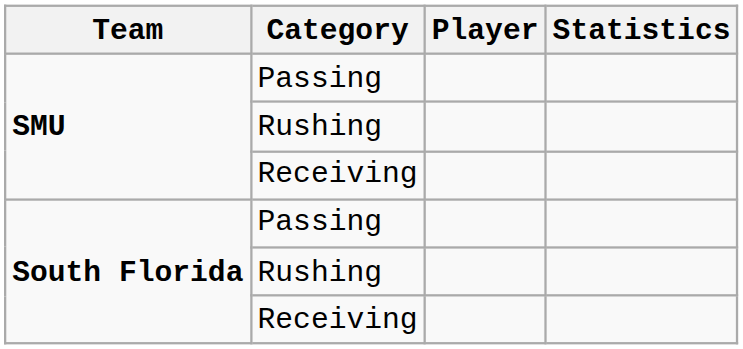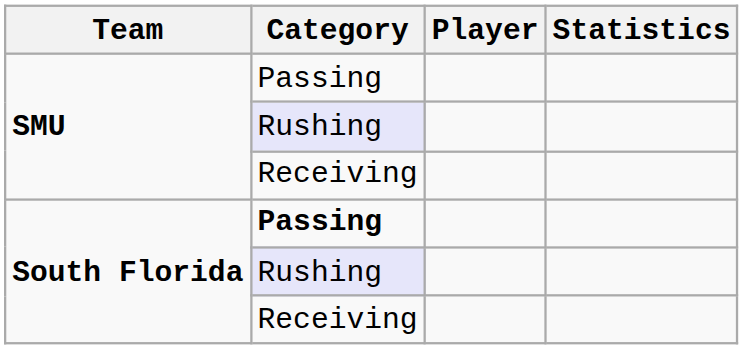 <table class="wikitable" style="float: left;">
 <tr>
 <th>Team</th>
 <th>Category</th>
 <th>Player</th>
 <th>Statistics</th>
 </tr>
 <tr>
 <td rowspan=3><strong>SMU</strong></td>
 <td>Passing</td>
 <td></td>
 <td></td>
 </tr>
 <tr>
-<td>Rushing</td>
+<td style="background: lavender;">Rushing</td>
 <td></td>
 <td></td>
 </tr>
 <tr>
 <td>Receiving</td>
 <td></td>
 <td></td>
 </tr>
 <tr>
 <td rowspan=3><strong>South Florida</strong></td>
-<td>Passing</td>
+<td><strong>Passing</strong></td>
 <td></td>
 <td></td>
 </tr>
 <tr>
-<td>Rushing</td>
+<td style="background: lavender;">Rushing</td>
 <td></td>
 <td></td>
 </tr>
 <tr>
 <td>Receiving</td>
 <td></td>
 <td></td>
 </tr>
 </table>
